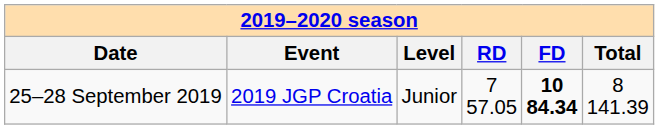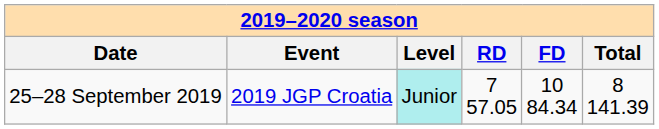 <table class="wikitable">
 <tr>
 <td style="background-color: #ffdead; " colspan=6 align=center><a href='#'><strong>2019–2020 season</strong></a></td>
 </tr>
 <tr>
 <th>Date</th>
 <th>Event</th>
 <th>Level</th>
 <th><a href='#'>RD</a></th>
 <th><a href='#'>FD</a></th>
 <th>Total</th>
 </tr>
 <tr>
 <td>25–28 September 2019</td>
 <td><a href='#'>2019 JGP Croatia</a></td>
-<td>Junior</td>
+<td style="background: paleturquoise;">Junior</td>
 <td align=center>7 <br> 57.05</td>
-<td align=center><strong>10 <br> 84.34</strong></td>
+<td align=center>10 <br> 84.34</td>
 <td align=center>8 <br> 141.39</td>
 </tr>
 </table>
